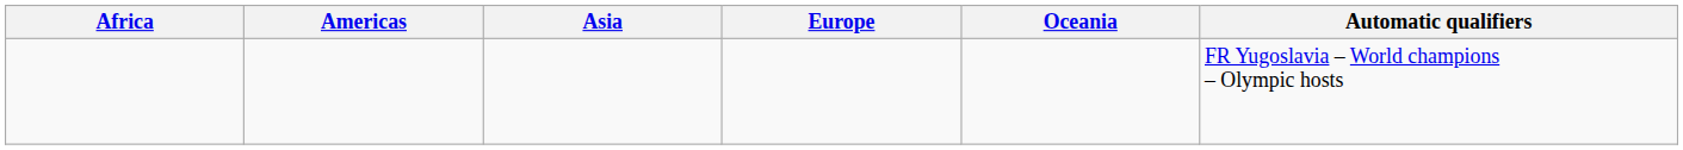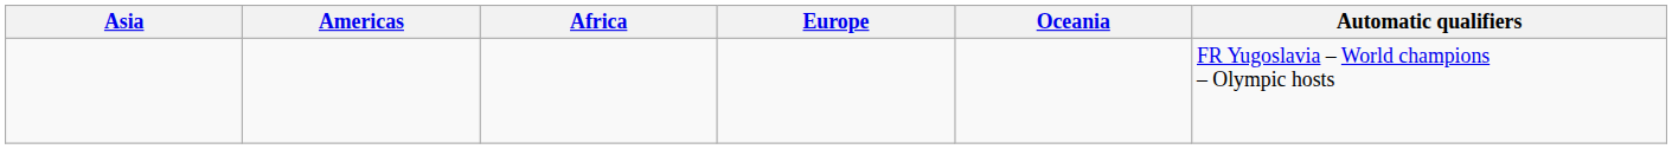 <table class=wikitable width=100%>
 <tr>
+<th width=13%><a href='#'>Asia</a></th>
+<th width=13%><a href='#'>Americas</a></th>
 <th width=13%><a href='#'>Africa</a></th>
-<th width=13%><a href='#'>Americas</a></th>
-<th width=13%><a href='#'>Asia</a></th>
 <th width=13%><a href='#'>Europe</a></th>
 <th width=13%><a href='#'>Oceania</a></th>
 <th width=26%>Automatic qualifiers</th>
 </tr>
 <tr valign=top>
 <td></td>
 <td><br></td>
 <td></td>
 <td><br><br><br><br></td>
 <td></td>
 <td> <a href='#'>FR Yugoslavia</a> – <a href='#'>World champions</a><br> – Olympic hosts</td>
 </tr>
 </table>
